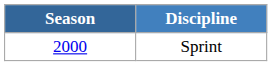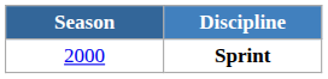 <table class="wikitable" style="font-size:95%; text-align:center; border:grey solid 1px; border-collapse:collapse; background:#ffffff;">
 <tr style="background-color:#369; color:white;">
 <td rowspan="2" colspan="1" style="width:110px"><strong>Season</strong></td>
 </tr>
 <tr style="background-color:#4180be; color:white;">
 <td style="width:110px"><strong>Discipline</strong></td>
 </tr>
 <tr>
 <td align=center><a href='#'>2000</a></td>
-<td align=center>Sprint</td>
+<td align=center><strong>Sprint</strong></td>
 </tr>
 </table>
